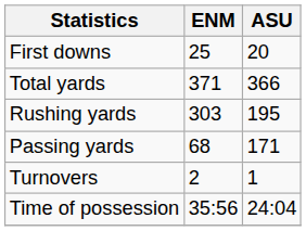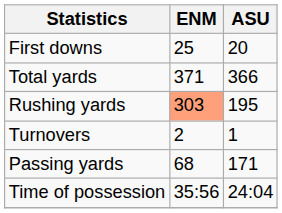 <table class="wikitable" style="float: left;">
 <tr>
 <th>Statistics</th>
 <th>ENM</th>
 <th>ASU</th>
 </tr>
 <tr>
 <td>First downs</td>
 <td>25</td>
 <td>20</td>
 </tr>
 <tr>
 <td>Total yards</td>
 <td>371</td>
 <td>366</td>
 </tr>
 <tr>
 <td>Rushing yards</td>
-<td>303</td>
+<td style="background: lightsalmon;">303</td>
 <td>195</td>
+</tr>
+<tr>
+<td>Turnovers</td>
+<td>2</td>
+<td>1</td>
 </tr>
 <tr>
 <td>Passing yards</td>
 <td>68</td>
 <td>171</td>
-</tr>
-<tr>
-<td>Turnovers</td>
-<td>2</td>
-<td>1</td>
 </tr>
 <tr>
 <td>Time of possession</td>
 <td>35:56</td>
 <td>24:04</td>
 </tr>
 <tr>
 </tr>
 </table>
